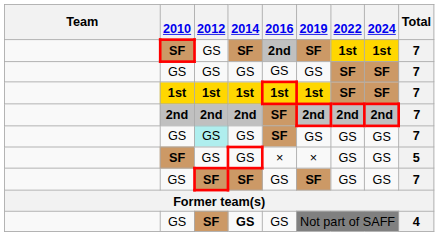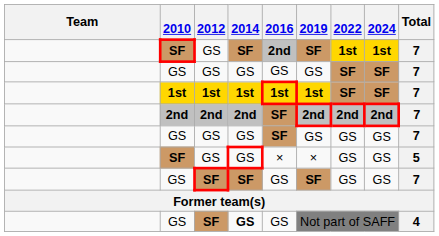 <table class="wikitable" style="text-align:center; font-size:90%">
 <tr>
 <th width=170>Team</th>
 <th><br><a href='#'>2010</a></th>
 <th><br><a href='#'>2012</a></th>
 <th><br><a href='#'>2014</a></th>
 <th><br><a href='#'>2016</a></th>
 <th><br><a href='#'>2019</a></th>
 <th><br><a href='#'>2022</a></th>
 <th><br><a href='#'>2024</a></th>
 <th>Total</th>
 </tr>
 <tr>
 <td align="left"></td>
 <td style="border: 3px solid red" bgcolor="cc9966"><strong>SF</strong></td>
 <td>GS</td>
 <td bgcolor="cc9966"><strong>SF</strong></td>
 <td bgcolor="silver"><strong>2nd</strong></td>
 <td bgcolor="cc9966"><strong>SF</strong></td>
 <td bgcolor="gold"><strong>1st</strong></td>
 <td bgcolor="gold"><strong>1st</strong></td>
 <th>7</th>
 </tr>
 <tr>
 <td align="left"></td>
 <td>GS</td>
 <td>GS</td>
 <td>GS</td>
 <td>GS</td>
 <td>GS</td>
 <td bgcolor="cc9966"><strong>SF</strong></td>
 <td bgcolor="cc9966"><strong>SF</strong></td>
 <th>7</th>
 </tr>
 <tr>
 <td align="left"></td>
 <td bgcolor="gold"><strong>1st</strong></td>
 <td bgcolor="gold"><strong>1st</strong></td>
 <td bgcolor="gold"><strong>1st</strong></td>
 <td style="border: 3px solid red" bgcolor="gold"><strong>1st</strong></td>
 <td bgcolor="gold"><strong>1st</strong></td>
 <td bgcolor="cc9966"><strong>SF</strong></td>
 <td bgcolor="cc9966"><strong>SF</strong></td>
 <th>7</th>
 </tr>
 <tr>
 <td align="left"></td>
 <td bgcolor="silver"><strong>2nd</strong></td>
 <td bgcolor="silver"><strong>2nd</strong></td>
 <td bgcolor="silver"><strong>2nd</strong></td>
 <td bgcolor="cc9966"><strong>SF</strong></td>
 <td style="border: 3px solid red" bgcolor="silver"><strong>2nd</strong></td>
 <td style="border: 3px solid red" bgcolor="silver"><strong>2nd</strong></td>
 <td style="border: 3px solid red" bgcolor="silver"><strong>2nd</strong></td>
 <th>7</th>
 </tr>
 <tr>
 <td align="left"></td>
 <td>GS</td>
-<td style="background: paleturquoise;">GS</td>
+<td>GS</td>
 <td>GS</td>
 <td bgcolor="cc9966"><strong>SF</strong></td>
 <td>GS</td>
 <td>GS</td>
 <td>GS</td>
 <th>7</th>
 </tr>
 <tr>
 <td align="left"></td>
 <td bgcolor="cc9966"><strong>SF</strong></td>
 <td>GS</td>
 <td style="border: 3px solid red">GS</td>
 <td>×</td>
 <td>×</td>
 <td>GS</td>
 <td>GS</td>
 <th>5</th>
 </tr>
 <tr>
 <td align="left"></td>
 <td>GS</td>
 <td style="border: 3px solid red" bgcolor="cc9966"><strong>SF</strong></td>
 <td bgcolor="cc9966"><strong>SF</strong></td>
 <td>GS</td>
 <td bgcolor="cc9966"><strong>SF</strong></td>
 <td>GS</td>
 <td>GS</td>
 <th>7</th>
 </tr>
 <tr>
 <th colspan="9">Former team(s)</th>
 </tr>
 <tr>
 <td align=left></td>
 <td>GS</td>
 <td bgcolor="cc9966"><strong>SF</strong></td>
 <td><strong>GS</strong></td>
 <td>GS</td>
 <td colspan=3 bgcolor=gray>Not part of SAFF</td>
 <th>4</th>
 </tr>
 </table>
